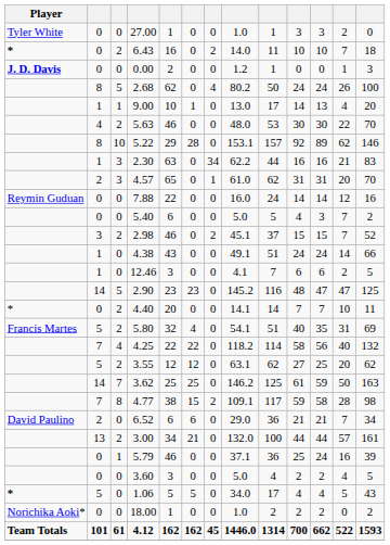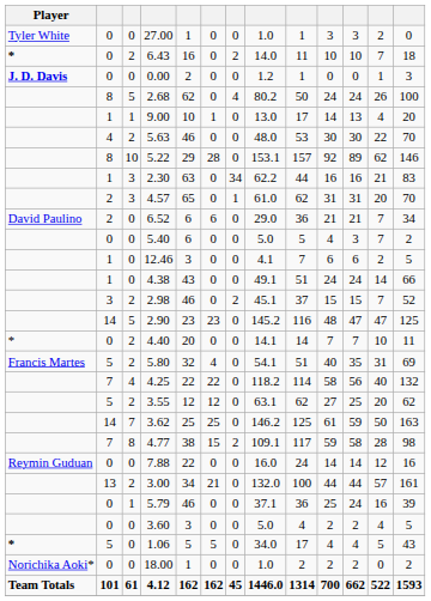 <table class="wikitable sortable" style="text-align:center;">
 <tr>
 <th>Player</th>
 <th></th>
 <th></th>
 <th></th>
 <th></th>
 <th></th>
 <th></th>
 <th></th>
 <th></th>
 <th></th>
 <th></th>
 <th></th>
 <th></th>
 </tr>
 <tr>
 <td align=left><a href='#'>Tyler White</a></td>
 <td>0</td>
 <td>0</td>
 <td>27.00</td>
 <td>1</td>
 <td>0</td>
 <td>0</td>
 <td>1.0</td>
 <td>1</td>
 <td>3</td>
 <td>3</td>
 <td>2</td>
 <td>0</td>
 </tr>
 <tr>
 <td align=left><strong>*</strong></td>
 <td>0</td>
 <td>2</td>
 <td>6.43</td>
 <td>16</td>
 <td>0</td>
 <td>2</td>
 <td>14.0</td>
 <td>11</td>
 <td>10</td>
 <td>10</td>
 <td>7</td>
 <td>18</td>
 </tr>
 <tr>
 <td align=left><strong><a href='#'>J. D. Davis</a></strong></td>
 <td>0</td>
 <td>0</td>
 <td>0.00</td>
 <td>2</td>
 <td>0</td>
 <td>0</td>
 <td>1.2</td>
 <td>1</td>
 <td>0</td>
 <td>0</td>
 <td>1</td>
 <td>3</td>
 </tr>
 <tr>
 <td align=left><strong></strong></td>
 <td>8</td>
 <td>5</td>
 <td>2.68</td>
 <td>62</td>
 <td>0</td>
 <td>4</td>
 <td>80.2</td>
 <td>50</td>
 <td>24</td>
 <td>24</td>
 <td>26</td>
 <td>100</td>
 </tr>
 <tr>
 <td align=left></td>
 <td>1</td>
 <td>1</td>
 <td>9.00</td>
 <td>10</td>
 <td>1</td>
 <td>0</td>
 <td>13.0</td>
 <td>17</td>
 <td>14</td>
 <td>13</td>
 <td>4</td>
 <td>20</td>
 </tr>
 <tr>
 <td align=left><strong></strong></td>
 <td>4</td>
 <td>2</td>
 <td>5.63</td>
 <td>46</td>
 <td>0</td>
 <td>0</td>
 <td>48.0</td>
 <td>53</td>
 <td>30</td>
 <td>30</td>
 <td>22</td>
 <td>70</td>
 </tr>
 <tr>
 <td align=left></td>
 <td>8</td>
 <td>10</td>
 <td>5.22</td>
 <td>29</td>
 <td>28</td>
 <td>0</td>
 <td>153.1</td>
 <td>157</td>
 <td>92</td>
 <td>89</td>
 <td>62</td>
 <td>146</td>
 </tr>
 <tr>
 <td align=left><strong></strong></td>
 <td>1</td>
 <td>3</td>
 <td>2.30</td>
 <td>63</td>
 <td>0</td>
 <td>34</td>
 <td>62.2</td>
 <td>44</td>
 <td>16</td>
 <td>16</td>
 <td>21</td>
 <td>83</td>
 </tr>
 <tr>
 <td align=left></td>
 <td>2</td>
 <td>3</td>
 <td>4.57</td>
 <td>65</td>
 <td>0</td>
 <td>1</td>
 <td>61.0</td>
 <td>62</td>
 <td>31</td>
 <td>31</td>
 <td>20</td>
 <td>70</td>
 </tr>
 <tr>
-<td align=left><a href='#'>Reymin Guduan</a></td>
+<td align=left><a href='#'>David Paulino</a></td>
+<td>2</td>
 <td>0</td>
+<td>6.52</td>
+<td>6</td>
+<td>6</td>
 <td>0</td>
-<td>7.88</td>
-<td>22</td>
-<td>0</td>
-<td>0</td>
-<td>16.0</td>
-<td>24</td>
-<td>14</td>
-<td>14</td>
-<td>12</td>
-<td>16</td>
+<td>29.0</td>
+<td>36</td>
+<td>21</td>
+<td>21</td>
+<td>7</td>
+<td>34</td>
 </tr>
 <tr>
 <td align=left><strong></strong></td>
 <td>0</td>
 <td>0</td>
 <td>5.40</td>
 <td>6</td>
 <td>0</td>
 <td>0</td>
 <td>5.0</td>
 <td>5</td>
 <td>4</td>
 <td>3</td>
 <td>7</td>
 <td>2</td>
 </tr>
 <tr>
 <td align=left></td>
+<td>1</td>
+<td>0</td>
+<td>12.46</td>
 <td>3</td>
+<td>0</td>
+<td>0</td>
+<td>4.1</td>
+<td>7</td>
+<td>6</td>
+<td>6</td>
 <td>2</td>
-<td>2.98</td>
-<td>46</td>
-<td>0</td>
-<td>2</td>
-<td>45.1</td>
-<td>37</td>
-<td>15</td>
-<td>15</td>
-<td>7</td>
-<td>52</td>
+<td>5</td>
 </tr>
 <tr>
 <td align=left></td>
 <td>1</td>
 <td>0</td>
 <td>4.38</td>
 <td>43</td>
 <td>0</td>
 <td>0</td>
 <td>49.1</td>
 <td>51</td>
 <td>24</td>
 <td>24</td>
 <td>14</td>
 <td>66</td>
 </tr>
 <tr>
 <td align=left></td>
-<td>1</td>
+<td>3</td>
+<td>2</td>
+<td>2.98</td>
+<td>46</td>
 <td>0</td>
-<td>12.46</td>
-<td>3</td>
-<td>0</td>
-<td>0</td>
-<td>4.1</td>
+<td>2</td>
+<td>45.1</td>
+<td>37</td>
+<td>15</td>
+<td>15</td>
 <td>7</td>
-<td>6</td>
-<td>6</td>
-<td>2</td>
-<td>5</td>
+<td>52</td>
 </tr>
 <tr>
 <td align=left><strong></strong></td>
 <td>14</td>
 <td>5</td>
 <td>2.90</td>
 <td>23</td>
 <td>23</td>
 <td>0</td>
 <td>145.2</td>
 <td>116</td>
 <td>48</td>
 <td>47</td>
 <td>47</td>
 <td>125</td>
 </tr>
 <tr>
 <td align=left>*</td>
 <td>0</td>
 <td>2</td>
 <td>4.40</td>
 <td>20</td>
 <td>0</td>
 <td>0</td>
 <td>14.1</td>
 <td>14</td>
 <td>7</td>
 <td>7</td>
 <td>10</td>
 <td>11</td>
 </tr>
 <tr>
 <td align=left><a href='#'>Francis Martes</a></td>
 <td>5</td>
 <td>2</td>
 <td>5.80</td>
 <td>32</td>
 <td>4</td>
 <td>0</td>
 <td>54.1</td>
 <td>51</td>
 <td>40</td>
 <td>35</td>
 <td>31</td>
 <td>69</td>
 </tr>
 <tr>
 <td align=left><strong></strong></td>
 <td>7</td>
 <td>4</td>
 <td>4.25</td>
 <td>22</td>
 <td>22</td>
 <td>0</td>
 <td>118.2</td>
 <td>114</td>
 <td>58</td>
 <td>56</td>
 <td>40</td>
 <td>132</td>
 </tr>
 <tr>
 <td align=left><strong></strong></td>
 <td>5</td>
 <td>2</td>
 <td>3.55</td>
 <td>12</td>
 <td>12</td>
 <td>0</td>
 <td>63.1</td>
 <td>62</td>
 <td>27</td>
 <td>25</td>
 <td>20</td>
 <td>62</td>
 </tr>
 <tr>
 <td align=left><strong></strong></td>
 <td>14</td>
 <td>7</td>
 <td>3.62</td>
 <td>25</td>
 <td>25</td>
 <td>0</td>
 <td>146.2</td>
 <td>125</td>
 <td>61</td>
 <td>59</td>
 <td>50</td>
 <td>163</td>
 </tr>
 <tr>
 <td align=left><strong></strong></td>
 <td>7</td>
 <td>8</td>
 <td>4.77</td>
 <td>38</td>
 <td>15</td>
 <td>2</td>
 <td>109.1</td>
 <td>117</td>
 <td>59</td>
 <td>58</td>
 <td>28</td>
 <td>98</td>
 </tr>
 <tr>
-<td align=left><a href='#'>David Paulino</a></td>
-<td>2</td>
+<td align=left><a href='#'>Reymin Guduan</a></td>
 <td>0</td>
-<td>6.52</td>
-<td>6</td>
-<td>6</td>
 <td>0</td>
-<td>29.0</td>
-<td>36</td>
-<td>21</td>
-<td>21</td>
-<td>7</td>
-<td>34</td>
+<td>7.88</td>
+<td>22</td>
+<td>0</td>
+<td>0</td>
+<td>16.0</td>
+<td>24</td>
+<td>14</td>
+<td>14</td>
+<td>12</td>
+<td>16</td>
 </tr>
 <tr>
 <td align=left></td>
 <td>13</td>
 <td>2</td>
 <td>3.00</td>
 <td>34</td>
 <td>21</td>
 <td>0</td>
 <td>132.0</td>
 <td>100</td>
 <td>44</td>
 <td>44</td>
 <td>57</td>
 <td>161</td>
 </tr>
 <tr>
 <td align=left></td>
 <td>0</td>
 <td>1</td>
 <td>5.79</td>
 <td>46</td>
 <td>0</td>
 <td>0</td>
 <td>37.1</td>
 <td>36</td>
 <td>25</td>
 <td>24</td>
 <td>16</td>
 <td>39</td>
 </tr>
 <tr>
 <td align=left></td>
 <td>0</td>
 <td>0</td>
 <td>3.60</td>
 <td>3</td>
 <td>0</td>
 <td>0</td>
 <td>5.0</td>
 <td>4</td>
 <td>2</td>
 <td>2</td>
 <td>4</td>
 <td>5</td>
 </tr>
 <tr>
 <td align=left><strong>*</strong></td>
 <td>5</td>
 <td>0</td>
 <td>1.06</td>
 <td>5</td>
 <td>5</td>
 <td>0</td>
 <td>34.0</td>
 <td>17</td>
 <td>4</td>
 <td>4</td>
 <td>5</td>
 <td>43</td>
 </tr>
 <tr>
 <td align=left><a href='#'>Norichika Aoki</a>*</td>
 <td>0</td>
 <td>0</td>
 <td>18.00</td>
 <td>1</td>
 <td>0</td>
 <td>0</td>
 <td>1.0</td>
 <td>2</td>
 <td>2</td>
 <td>2</td>
 <td>0</td>
 <td>2</td>
 </tr>
 <tr>
 <td align=left><strong>Team Totals</strong></td>
 <td><strong>101</strong></td>
 <td><strong>61</strong></td>
 <td><strong>4.12</strong></td>
 <td><strong>162</strong></td>
 <td><strong>162</strong></td>
 <td><strong>45</strong></td>
 <td><strong>1446.0</strong></td>
 <td><strong>1314</strong></td>
 <td><strong>700</strong></td>
 <td><strong>662</strong></td>
 <td><strong>522</strong></td>
 <td><strong>1593</strong></td>
 </tr>
 <tr class=="sortbottom">
 </tr>
 </table>
